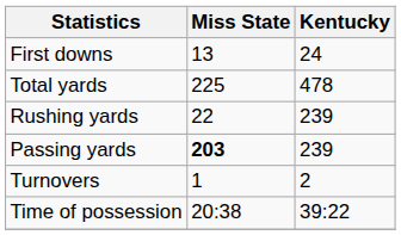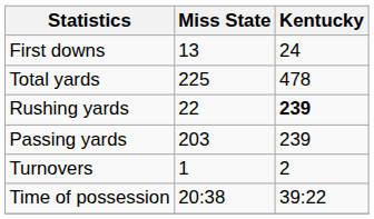 <table class="wikitable" style="float: left;">
 <tr>
 <th>Statistics</th>
 <th>Miss State</th>
 <th>Kentucky</th>
 </tr>
 <tr>
 <td>First downs</td>
 <td>13</td>
 <td>24</td>
 </tr>
 <tr>
 <td>Total yards</td>
 <td>225</td>
 <td>478</td>
 </tr>
 <tr>
 <td>Rushing yards</td>
 <td>22</td>
-<td>239</td>
+<td><strong>239</strong></td>
 </tr>
 <tr>
 <td>Passing yards</td>
-<td><strong>203</strong></td>
+<td>203</td>
 <td>239</td>
 </tr>
 <tr>
 <td>Turnovers</td>
 <td>1</td>
 <td>2</td>
 </tr>
 <tr>
 <td>Time of possession</td>
 <td>20:38</td>
 <td>39:22</td>
 </tr>
 <tr>
 </tr>
 </table>
